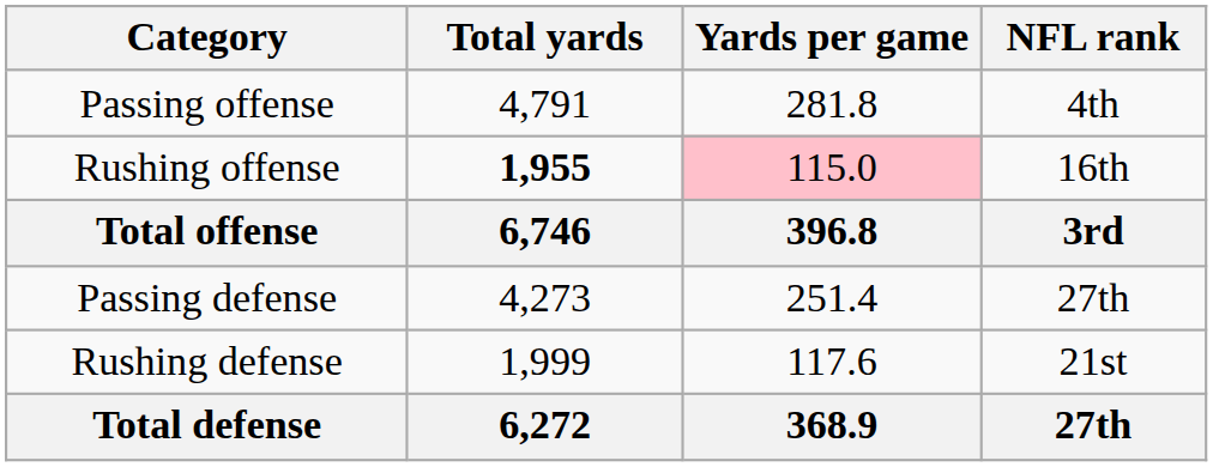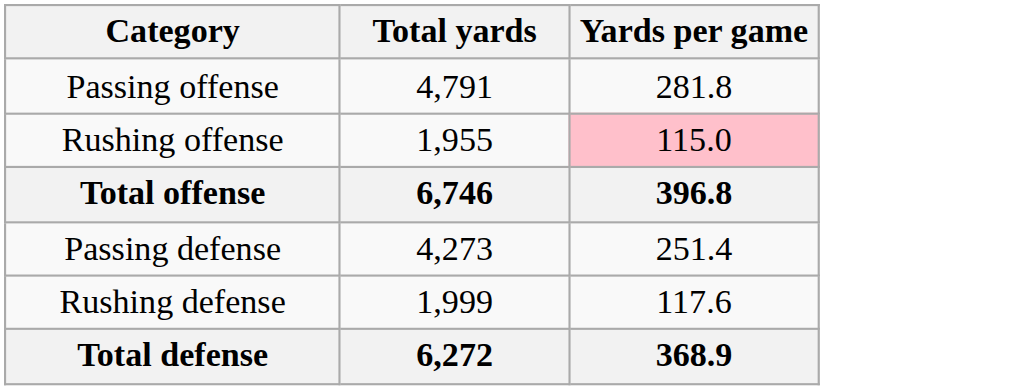 <table class="wikitable" style="text-align:center">
 <tr>
 <th width="150">Category</th>
 <th width="100">Total yards</th>
 <th width="110">Yards per game</th>
-<th width="80">NFL rank<br></th>
 </tr>
 <tr>
 <td>Passing offense</td>
 <td>4,791</td>
 <td>281.8</td>
-<td>4th</td>
 </tr>
 <tr>
 <td>Rushing offense</td>
-<td><strong>1,955</strong></td>
+<td>1,955</td>
 <td style="background: pink;">115.0</td>
-<td>16th</td>
 </tr>
 <tr>
 <th>Total offense</th>
 <th>6,746</th>
 <th>396.8</th>
-<th>3rd</th>
 </tr>
 <tr>
 <td>Passing defense</td>
 <td>4,273</td>
 <td>251.4</td>
-<td>27th</td>
 </tr>
 <tr>
 <td>Rushing defense</td>
 <td>1,999</td>
 <td>117.6</td>
-<td>21st</td>
 </tr>
 <tr>
 <th>Total defense</th>
 <th>6,272</th>
 <th>368.9</th>
-<th>27th</th>
 </tr>
 </table>
